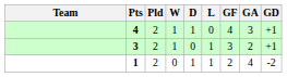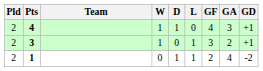 <table class="wikitable" style="text-align: center;">
 <tr>
+<th width="20">Pld</th>
+<th width="20">Pts</th>
 <th width="175">Team</th>
-<th width="20">Pts</th>
-<th width="20">Pld</th>
 <th width="20">W</th>
 <th width="20">D</th>
 <th width="20">L</th>
 <th width="20">GF</th>
 <th width="20">GA</th>
 <th width="20">GD</th>
 </tr>
 <tr bgcolor="#ccffcc">
+<td>2</td>
+<td><strong>4</strong></td>
 <td style="text-align:left;"></td>
-<td><strong>4</strong></td>
-<td>2</td>
 <td>1</td>
 <td>1</td>
 <td>0</td>
 <td>4</td>
 <td>3</td>
 <td>+1</td>
 </tr>
 <tr align=center style="background:#ccffcc;">
+<td>2</td>
+<td><strong>3</strong></td>
 <td style="text-align:left;"></td>
-<td><strong>3</strong></td>
-<td>2</td>
 <td>1</td>
 <td>0</td>
 <td>1</td>
 <td>3</td>
 <td>2</td>
 <td>+1</td>
 </tr>
 <tr align=center style="background:#ffffff;">
+<td>2</td>
+<td><strong>1</strong></td>
 <td style="text-align:left;"></td>
-<td><strong>1</strong></td>
-<td>2</td>
 <td>0</td>
 <td>1</td>
 <td>1</td>
 <td>2</td>
 <td>4</td>
 <td>-2</td>
 </tr>
 </table>
